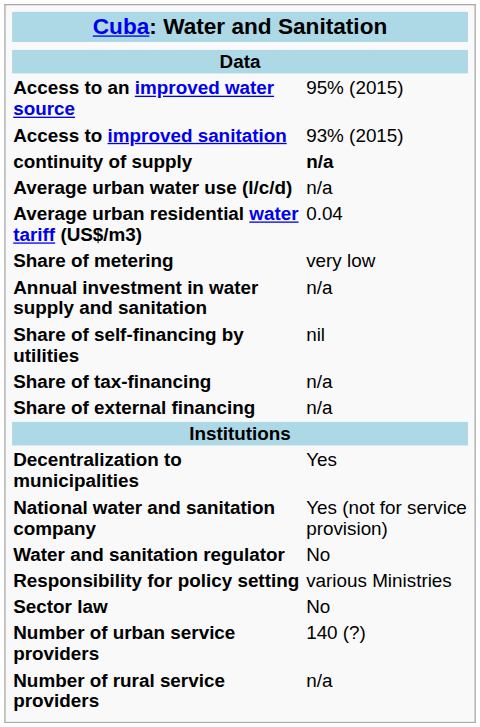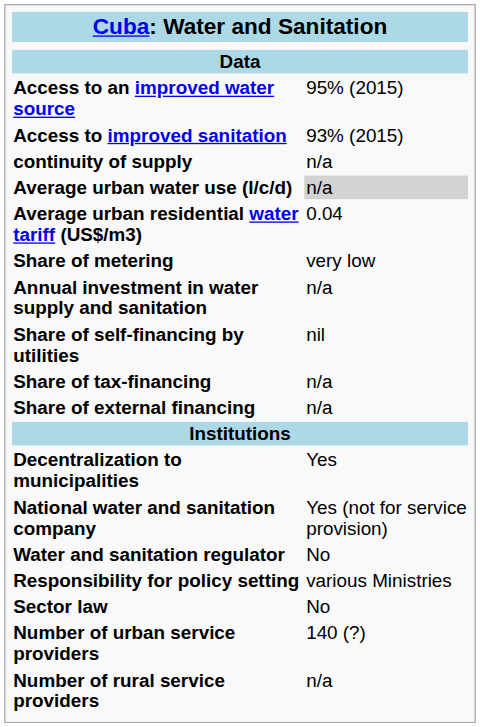 <table style="width: 25em; font-size: 90%; text-align: left;" class="infobox">
 <tr>
 <th align="center" bgcolor="lightblue" colspan="2"><big><a href='#'>Cuba</a>: Water and Sanitation</big></th>
 </tr>
 <tr>
 <td colspan="2" style="text-align:center"></td>
 </tr>
 <tr>
 <th align="center" bgcolor="lightblue" colspan="3">Data</th>
 </tr>
 <tr>
 <th align="left" valign="top">Access to an <a href='#'>improved water source</a></th>
 <td valign="top">95% (2015) </td>
 </tr>
 <tr>
 <th align="left" valign="top">Access to <a href='#'>improved sanitation</a></th>
 <td valign="top">93% (2015) </td>
 </tr>
 <tr>
 <th align="left" valign="top">continuity of supply</th>
-<td valign="top"><strong>n/a</strong></td>
+<td valign="top">n/a</td>
 </tr>
 <tr>
 <th align="left" valign="top">Average urban water use (l/c/d)</th>
-<td valign="top">n/a</td>
+<td valign="top" style="background: lightgrey;">n/a</td>
 </tr>
 <tr>
 <th align="left" valign="top">Average urban residential <a href='#'>water tariff</a> (US$/m3)</th>
 <td valign="top">0.04</td>
 </tr>
 <tr>
 <th align="left" valign="top">Share of metering</th>
 <td valign="top">very low</td>
 </tr>
 <tr>
 <th align="left" valign="top">Annual investment in water supply and sanitation</th>
 <td valign="top">n/a</td>
 </tr>
 <tr>
 <th align="left" valign="top">Share of self-financing by utilities</th>
 <td valign="top">nil</td>
 </tr>
 <tr>
 <th align="left" valign="top">Share of tax-financing</th>
 <td valign="top">n/a</td>
 </tr>
 <tr>
 <th align="left" valign="top">Share of external financing</th>
 <td valign="top">n/a</td>
 </tr>
 <tr>
 <th align="center" bgcolor="lightblue" colspan="3">Institutions</th>
 </tr>
 <tr>
 <th align="left" valign="top">Decentralization to municipalities</th>
 <td valign="top">Yes</td>
 </tr>
 <tr>
 <th align="left" valign="top">National water and sanitation company</th>
 <td valign="top">Yes (not for service provision)</td>
 </tr>
 <tr>
 <th align="left" valign="top">Water and sanitation regulator</th>
 <td valign="top">No</td>
 </tr>
 <tr>
 <th align="left" valign="top">Responsibility for policy setting</th>
 <td valign="top">various Ministries</td>
 </tr>
 <tr>
 <th align="left" valign="top">Sector law</th>
 <td valign="top">No</td>
 </tr>
 <tr>
 <th align="left" valign="top">Number of urban service providers</th>
 <td valign="top">140 (?)</td>
 </tr>
 <tr>
 <th align="left" valign="top">Number of rural service providers</th>
 <td valign="top">n/a</td>
 </tr>
 <tr>
 </tr>
 </table>
